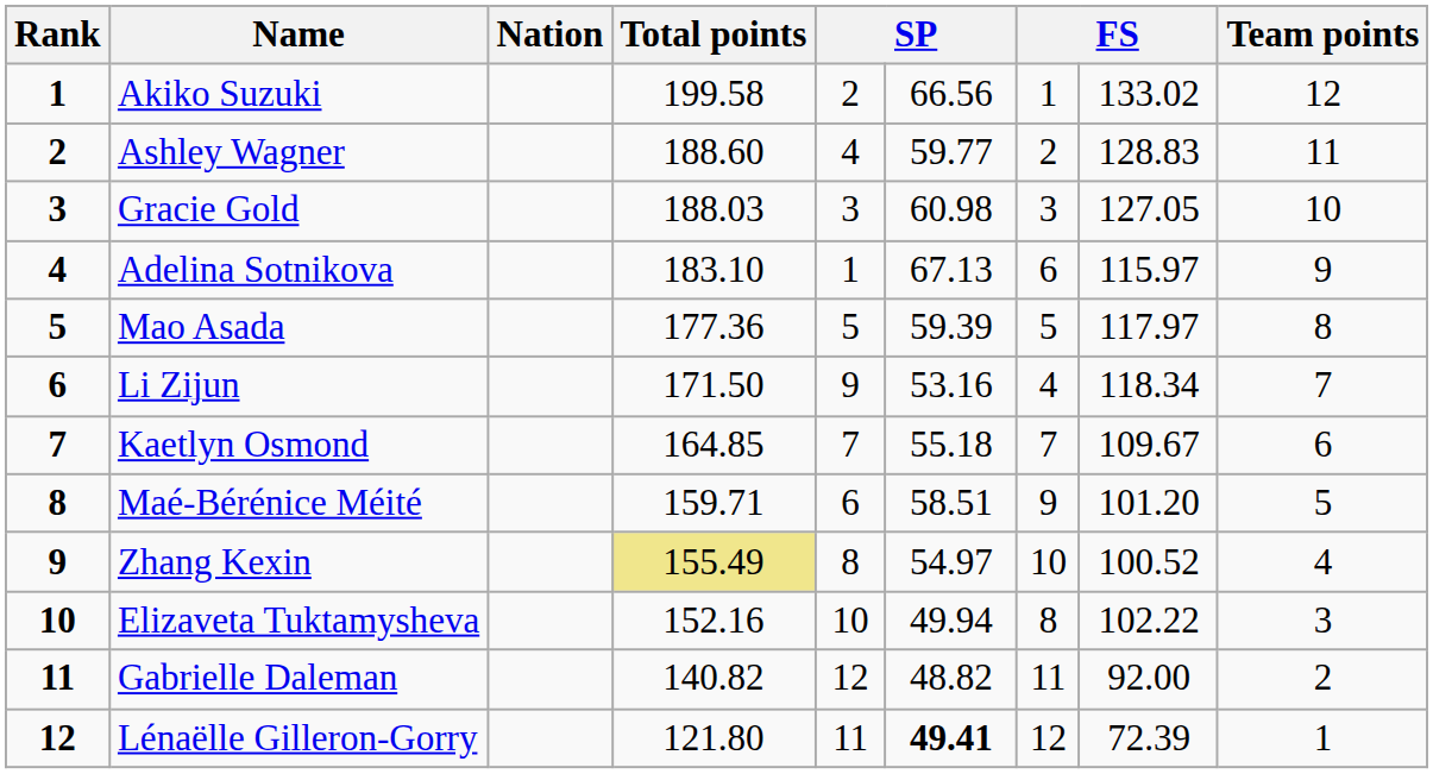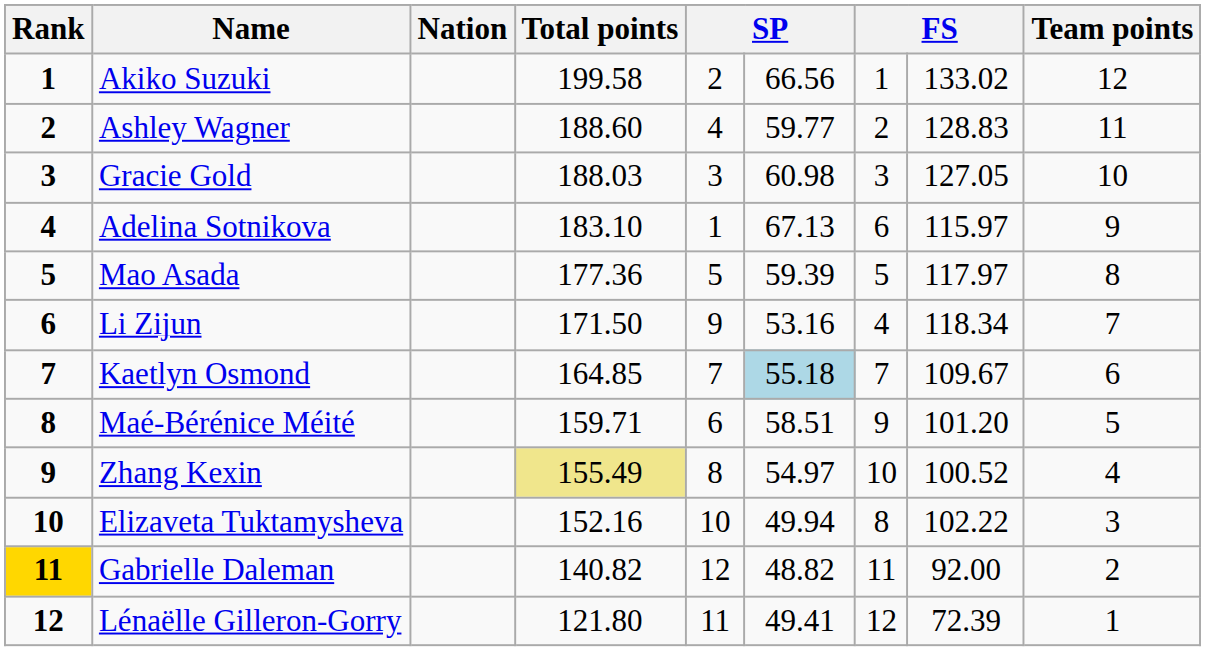 <table class="wikitable sortable">
 <tr>
 <th>Rank</th>
 <th>Name</th>
 <th>Nation</th>
 <th>Total points</th>
 <th colspan="2" width="80px"><a href='#'>SP</a></th>
 <th colspan="2" width="80px"><a href='#'>FS</a></th>
 <th>Team points</th>
 </tr>
 <tr>
 <td style="text-align: center;"><strong>1</strong></td>
 <td><a href='#'>Akiko Suzuki</a></td>
 <td></td>
 <td style="text-align: center;">199.58</td>
 <td style="text-align: center;">2</td>
 <td style="text-align: center;">66.56</td>
 <td style="text-align: center;">1</td>
 <td style="text-align: center;">133.02</td>
 <td style="text-align: center;">12</td>
 </tr>
 <tr>
 <td style="text-align: center;"><strong>2</strong></td>
 <td><a href='#'>Ashley Wagner</a></td>
 <td></td>
 <td style="text-align: center;">188.60</td>
 <td style="text-align: center;">4</td>
 <td style="text-align: center;">59.77</td>
 <td style="text-align: center;">2</td>
 <td style="text-align: center;">128.83</td>
 <td style="text-align: center;">11</td>
 </tr>
 <tr>
 <td style="text-align: center;"><strong>3</strong></td>
 <td><a href='#'>Gracie Gold</a></td>
 <td></td>
 <td style="text-align: center;">188.03</td>
 <td style="text-align: center;">3</td>
 <td style="text-align: center;">60.98</td>
 <td style="text-align: center;">3</td>
 <td style="text-align: center;">127.05</td>
 <td style="text-align: center;">10</td>
 </tr>
 <tr>
 <td style="text-align: center;"><strong>4</strong></td>
 <td><a href='#'>Adelina Sotnikova</a></td>
 <td></td>
 <td style="text-align: center;">183.10</td>
 <td style="text-align: center;">1</td>
 <td style="text-align: center;">67.13</td>
 <td style="text-align: center;">6</td>
 <td style="text-align: center;">115.97</td>
 <td style="text-align: center;">9</td>
 </tr>
 <tr>
 <td style="text-align: center;"><strong>5</strong></td>
 <td><a href='#'>Mao Asada</a></td>
 <td></td>
 <td style="text-align: center;">177.36</td>
 <td style="text-align: center;">5</td>
 <td style="text-align: center;">59.39</td>
 <td style="text-align: center;">5</td>
 <td style="text-align: center;">117.97</td>
 <td style="text-align: center;">8</td>
 </tr>
 <tr>
 <td style="text-align: center;"><strong>6</strong></td>
 <td><a href='#'>Li Zijun</a></td>
 <td></td>
 <td style="text-align: center;">171.50</td>
 <td style="text-align: center;">9</td>
 <td style="text-align: center;">53.16</td>
 <td style="text-align: center;">4</td>
 <td style="text-align: center;">118.34</td>
 <td style="text-align: center;">7</td>
 </tr>
 <tr>
 <td style="text-align: center;"><strong>7</strong></td>
 <td><a href='#'>Kaetlyn Osmond</a></td>
 <td></td>
 <td style="text-align: center;">164.85</td>
 <td style="text-align: center;">7</td>
-<td style="text-align: center;">55.18</td>
+<td style="background: lightblue; text-align: center;">55.18</td>
 <td style="text-align: center;">7</td>
 <td style="text-align: center;">109.67</td>
 <td style="text-align: center;">6</td>
 </tr>
 <tr>
 <td style="text-align: center;"><strong>8</strong></td>
 <td><a href='#'>Maé-Bérénice Méité</a></td>
 <td></td>
 <td style="text-align: center;">159.71</td>
 <td style="text-align: center;">6</td>
 <td style="text-align: center;">58.51</td>
 <td style="text-align: center;">9</td>
 <td style="text-align: center;">101.20</td>
 <td style="text-align: center;">5</td>
 </tr>
 <tr>
 <td style="text-align: center;"><strong>9</strong></td>
 <td><a href='#'>Zhang Kexin</a></td>
 <td></td>
 <td style="background: khaki; text-align: center;">155.49</td>
 <td style="text-align: center;">8</td>
 <td style="text-align: center;">54.97</td>
 <td style="text-align: center;">10</td>
 <td style="text-align: center;">100.52</td>
 <td style="text-align: center;">4</td>
 </tr>
 <tr>
 <td style="text-align: center;"><strong>10</strong></td>
 <td><a href='#'>Elizaveta Tuktamysheva</a></td>
 <td></td>
 <td style="text-align: center;">152.16</td>
 <td style="text-align: center;">10</td>
 <td style="text-align: center;">49.94</td>
 <td style="text-align: center;">8</td>
 <td style="text-align: center;">102.22</td>
 <td style="text-align: center;">3</td>
 </tr>
 <tr>
-<td style="text-align: center;"><strong>11</strong></td>
+<td style="background: gold; text-align: center;"><strong>11</strong></td>
 <td><a href='#'>Gabrielle Daleman</a></td>
 <td></td>
 <td style="text-align: center;">140.82</td>
 <td style="text-align: center;">12</td>
 <td style="text-align: center;">48.82</td>
 <td style="text-align: center;">11</td>
 <td style="text-align: center;">92.00</td>
 <td style="text-align: center;">2</td>
 </tr>
 <tr>
 <td style="text-align: center;"><strong>12</strong></td>
 <td><a href='#'>Lénaëlle Gilleron-Gorry</a></td>
 <td></td>
 <td style="text-align: center;">121.80</td>
 <td style="text-align: center;">11</td>
-<td style="text-align: center;"><strong>49.41</strong></td>
+<td style="text-align: center;">49.41</td>
 <td style="text-align: center;">12</td>
 <td style="text-align: center;">72.39</td>
 <td style="text-align: center;">1</td>
 </tr>
 </table>
